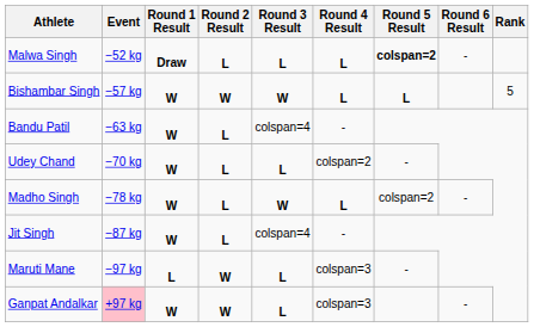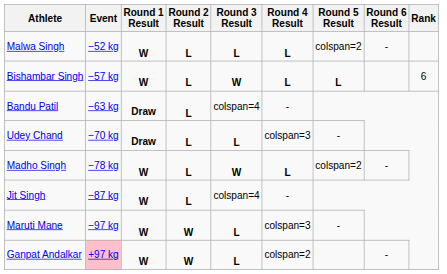 <table class="wikitable" style="font-size:90%">
 <tr>
 <th>Athlete</th>
 <th>Event</th>
 <th>Round 1<br>Result</th>
 <th>Round 2<br>Result</th>
 <th>Round 3<br>Result</th>
 <th>Round 4<br>Result</th>
 <th>Round 5<br>Result</th>
 <th>Round 6<br>Result</th>
 <th>Rank</th>
 </tr>
 <tr align=center>
 <td align=left><a href='#'>Malwa Singh</a></td>
 <td align=left><a href='#'>−52 kg</a></td>
-<td><br><strong>Draw</strong></td>
+<td><br><strong>W</strong> <sup></sup></td>
 <td><br><strong>L</strong> <sup></sup></td>
 <td><br><strong>L</strong> <sup></sup></td>
 <td><br><strong>L</strong> <sup></sup></td>
-<td><strong>colspan=2 </strong></td>
+<td>colspan=2 </td>
 <td>-</td>
 </tr>
 <tr align=center>
 <td align=left><a href='#'>Bishambar Singh</a></td>
 <td align=left><a href='#'>−57 kg</a></td>
 <td><br><strong>W</strong> <sup></sup></td>
-<td><br><strong>W</strong> <sup></sup></td>
+<td><br><strong>L</strong> <sup></sup></td>
 <td><br><strong>W</strong> <sup></sup></td>
 <td><br><strong>L</strong> <sup></sup></td>
 <td><br><strong>L</strong> <sup></sup></td>
 <td></td>
-<td>5</td>
+<td>6</td>
 </tr>
 <tr align=center>
 <td align=left><a href='#'>Bandu Patil</a></td>
 <td align=left><a href='#'>−63 kg</a></td>
-<td><br><strong>W</strong> <sup></sup></td>
+<td><br><strong>Draw</strong></td>
 <td><br><strong>L</strong> <sup></sup></td>
 <td>colspan=4 </td>
 <td>-</td>
 </tr>
 <tr align=center>
 <td align=left><a href='#'>Udey Chand</a></td>
 <td align=left><a href='#'>−70 kg</a></td>
-<td><br><strong>W</strong> <sup></sup></td>
+<td><br><strong>Draw</strong></td>
 <td><br><strong>L</strong> <sup></sup></td>
 <td><br><strong>L</strong> <sup></sup></td>
-<td>colspan=2 </td>
+<td>colspan=3 </td>
 <td>-</td>
 </tr>
 <tr align=center>
 <td align=left><a href='#'>Madho Singh</a></td>
 <td align=left><a href='#'>−78 kg</a></td>
 <td><br><strong>W</strong> <sup></sup></td>
 <td><br><strong>L</strong> <sup></sup></td>
 <td><br><strong>W</strong> <sup></sup></td>
 <td><br><strong>L</strong> <sup></sup></td>
 <td>colspan=2 </td>
 <td>-</td>
 </tr>
 <tr align=center>
 <td align=left><a href='#'>Jit Singh</a></td>
 <td align=left><a href='#'>−87 kg</a></td>
 <td><br><strong>W</strong> <sup></sup></td>
 <td><br><strong>L</strong> <sup></sup></td>
 <td>colspan=4 </td>
 <td>-</td>
 </tr>
 <tr align=center>
 <td align=left><a href='#'>Maruti Mane</a></td>
 <td align=left><a href='#'>−97 kg</a></td>
-<td><br><strong>L</strong> <sup></sup></td>
+<td><br><strong>W</strong> <sup></sup></td>
 <td><br><strong>W</strong> <sup></sup></td>
 <td><br><strong>L</strong> <sup></sup></td>
 <td>colspan=3 </td>
 <td>-</td>
 </tr>
 <tr align=center>
 <td align=left><a href='#'>Ganpat Andalkar</a></td>
 <td align=left style="background: pink;"><a href='#'>+97 kg</a></td>
 <td><br><strong>W</strong> <sup></sup></td>
 <td><br><strong>W</strong> <sup></sup></td>
 <td><br><strong>L</strong> <sup></sup></td>
-<td>colspan=3 </td>
+<td>colspan=2 </td>
 <td></td>
 <td>-</td>
 </tr>
 </table>
